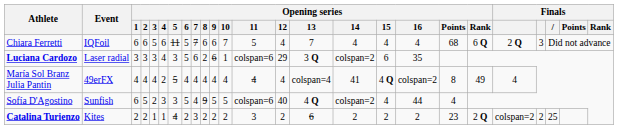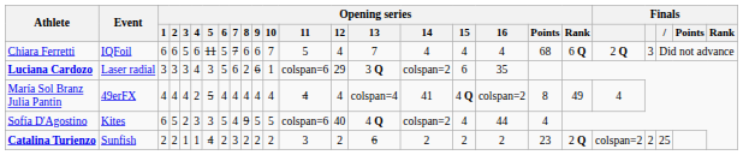 <table class=wikitable style=font-size:90%;text-align:center>
 <tr>
 <th rowspan=2>Athlete</th>
 <th rowspan=2>Event</th>
 <th colspan=18>Opening series</th>
 <th colspan=5>Finals</th>
 </tr>
 <tr style=font-size:95%>
 <th>1</th>
 <th>2</th>
 <th>3</th>
 <th>4</th>
 <th>5</th>
 <th>6</th>
 <th>7</th>
 <th>8</th>
 <th>9</th>
 <th>10</th>
 <th>11</th>
 <th>12</th>
 <th>13</th>
 <th>14</th>
 <th>15</th>
 <th>16</th>
 <th>Points</th>
 <th>Rank</th>
 <th></th>
 <th></th>
 <th> / </th>
 <th>Points</th>
 <th>Rank</th>
 </tr>
 <tr>
 <td align=left><a href='#'>Chiara Ferretti</a></td>
 <td align=left><a href='#'>IQFoil</a></td>
 <td>6</td>
 <td>6</td>
 <td>5</td>
 <td>6</td>
 <td><s>11<br></s></td>
 <td>5</td>
 <td><s>7</s></td>
 <td>6</td>
 <td>6</td>
 <td>7</td>
 <td>5</td>
 <td>4</td>
 <td>7</td>
 <td>4</td>
 <td>4</td>
 <td>4</td>
 <td>68</td>
 <td>6 <strong>Q</strong></td>
 <td>2 <strong>Q</strong></td>
 <td>3</td>
 <td colspan="3">Did not advance</td>
 </tr>
 <tr>
 <td align="left"><strong><a href='#'>Luciana Cardozo</a></strong></td>
 <td align="left"><a href='#'>Laser radial</a></td>
 <td>3</td>
 <td>3</td>
 <td>3</td>
 <td>4</td>
 <td>3</td>
 <td>5</td>
 <td>6</td>
 <td>2</td>
 <td><s>6</s></td>
 <td>1</td>
 <td>colspan=6 </td>
 <td>29</td>
 <td>3 <strong>Q</strong></td>
 <td>colspan=2 </td>
 <td>6</td>
 <td>35</td>
 <td></td>
 </tr>
 <tr>
 <td align=left><a href='#'>María Sol Branz</a><br><a href='#'>Julia Pantin</a></td>
 <td align=left><a href='#'>49erFX</a></td>
 <td>4</td>
 <td>4</td>
 <td>4</td>
 <td>2</td>
 <td><s>5</s></td>
 <td>4</td>
 <td>4</td>
 <td>4</td>
 <td>4</td>
 <td>4</td>
 <td><s>4</s></td>
 <td>4</td>
 <td>colspan=4 </td>
 <td>41</td>
 <td>4 <strong>Q</strong></td>
 <td>colspan=2 </td>
 <td>8</td>
 <td>49</td>
 <td>4</td>
 </tr>
 <tr>
 <td align=left><a href='#'>Sofía D'Agostino</a></td>
-<td align=left><a href='#'>Sunfish</a></td>
+<td align=left><a href='#'>Kites</a></td>
 <td>6</td>
 <td>5</td>
 <td>2</td>
 <td>3</td>
 <td>3</td>
 <td>5</td>
 <td>4</td>
 <td><s>9</s></td>
 <td>5</td>
 <td>5</td>
 <td>colspan=6 </td>
 <td>40</td>
 <td>4 <strong>Q</strong></td>
 <td>colspan=2 </td>
 <td>4</td>
 <td>44</td>
 <td>4</td>
 </tr>
 <tr>
 <td align=left><strong><a href='#'>Catalina Turienzo</a></strong></td>
-<td align=left><a href='#'>Kites</a></td>
+<td align=left><a href='#'>Sunfish</a></td>
 <td>2</td>
 <td>2</td>
 <td>1</td>
 <td>1</td>
 <td><s>4</s></td>
 <td>2</td>
 <td>3</td>
 <td>2</td>
 <td>2</td>
 <td>2</td>
 <td>3</td>
 <td>2</td>
 <td><s>6</s></td>
 <td>2</td>
 <td>2</td>
 <td>2</td>
 <td>23</td>
 <td>2 <strong>Q</strong></td>
 <td>colspan=2 </td>
 <td>2</td>
 <td>25</td>
 <td></td>
 </tr>
 </table>
